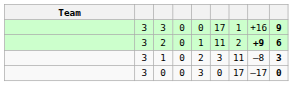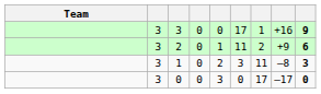 <table class="wikitable" style="text-align: center;">
 <tr>
 <th width="175">Team</th>
 <th width="20"></th>
 <th width="20"></th>
 <th width="20"></th>
 <th width="20"></th>
 <th width="20"></th>
 <th width="20"></th>
 <th width="20"></th>
 <th width="20"></th>
 </tr>
 <tr bgcolor=ccffcc>
 <td align=left></td>
 <td>3</td>
 <td>3</td>
 <td>0</td>
 <td>0</td>
 <td>17</td>
 <td>1</td>
 <td>+16</td>
 <td><strong>9</strong></td>
 </tr>
 <tr bgcolor=ccffcc>
 <td align=left></td>
 <td>3</td>
 <td>2</td>
 <td>0</td>
 <td>1</td>
 <td>11</td>
 <td>2</td>
-<td><strong>+9</strong></td>
+<td>+9</td>
 <td><strong>6</strong></td>
 </tr>
 <tr>
 <td align=left></td>
 <td>3</td>
 <td>1</td>
 <td>0</td>
 <td>2</td>
 <td>3</td>
 <td>11</td>
 <td>–8</td>
 <td><strong>3</strong></td>
 </tr>
 <tr>
 <td align=left></td>
 <td>3</td>
 <td>0</td>
 <td>0</td>
 <td>3</td>
 <td>0</td>
 <td>17</td>
 <td>–17</td>
 <td><strong>0</strong></td>
 </tr>
 </table>
